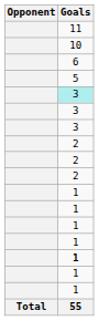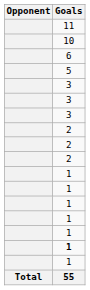 <table class="wikitable plainrowheaders sortable" style="text-align:center; font-size:95%">
 <tr>
 <th scope="col">Opponent</th>
 <th scope="col">Goals</th>
 </tr>
 <tr>
 <th scope="row"></th>
 <td>11</td>
 </tr>
 <tr>
 <th scope="row"></th>
 <td>10</td>
 </tr>
 <tr>
 <th scope="row"></th>
 <td>6</td>
 </tr>
 <tr>
 <th scope="row"></th>
 <td>5</td>
 </tr>
 <tr>
 <th scope="row"></th>
-<td style="background: paleturquoise;">3</td>
+<td>3</td>
 </tr>
 <tr>
 <th scope="row"></th>
 <td>3</td>
 </tr>
 <tr>
 <th scope="row"></th>
 <td>3</td>
 </tr>
 <tr>
 <th scope="row"></th>
 <td>2</td>
 </tr>
 <tr>
 <th scope="row"></th>
 <td>2</td>
 </tr>
 <tr>
 <th scope="row"></th>
 <td>2</td>
 </tr>
 <tr>
 <th scope="row"></th>
 <td>1</td>
 </tr>
 <tr>
 <th scope="row"></th>
 <td>1</td>
 </tr>
 <tr>
 <th scope="row"></th>
 <td>1</td>
 </tr>
 <tr>
 <th scope="row"></th>
 <td>1</td>
 </tr>
 <tr>
 <th scope="row"></th>
-<td><strong>1</strong></td>
+<td>1</td>
 </tr>
 <tr>
 <th scope="row"></th>
-<td>1</td>
+<td><strong>1</strong></td>
 </tr>
 <tr>
 <th scope="row"></th>
 <td>1</td>
 </tr>
 <tr>
 <th>Total</th>
 <th>55</th>
 </tr>
 </table>
